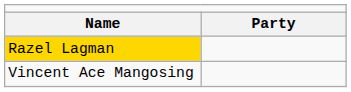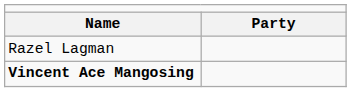 <table class=wikitable style="font-size:90%">
 <tr>
 <td colspan=4 bgcolor=></td>
 </tr>
 <tr>
 <th width=150px>Name</th>
 <th colspan=2 width=110px>Party</th>
 </tr>
 <tr>
-<td style="background: gold;">Razel Lagman</td>
+<td>Razel Lagman</td>
 <td></td>
 </tr>
 <tr>
-<td>Vincent Ace Mangosing</td>
+<td><strong>Vincent Ace Mangosing</strong></td>
 <td></td>
 </tr>
 </table>
